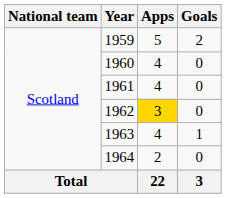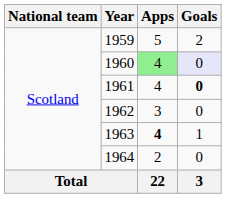 <table class=wikitable style="text-align:center">
 <tr>
 <th>National team</th>
 <th>Year</th>
 <th>Apps</th>
 <th>Goals</th>
 </tr>
 <tr>
 <td rowspan="6"><a href='#'>Scotland</a></td>
 <td>1959</td>
 <td>5</td>
 <td>2</td>
 </tr>
 <tr>
 <td>1960</td>
-<td>4</td>
-<td>0</td>
+<td style="background: lightgreen;">4</td>
+<td style="background: lavender;">0</td>
 </tr>
 <tr>
 <td>1961</td>
 <td>4</td>
-<td>0</td>
+<td><strong>0</strong></td>
 </tr>
 <tr>
 <td>1962</td>
-<td style="background: gold;">3</td>
+<td>3</td>
 <td>0</td>
 </tr>
 <tr>
 <td>1963</td>
-<td>4</td>
+<td><strong>4</strong></td>
 <td>1</td>
 </tr>
 <tr>
 <td>1964</td>
 <td>2</td>
 <td>0</td>
 </tr>
 <tr>
 <th colspan="2">Total</th>
 <th>22</th>
 <th>3</th>
 </tr>
 </table>
